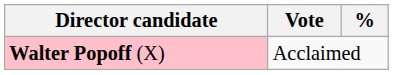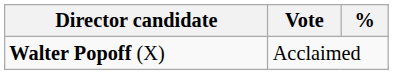 <table class="wikitable">
 <tr>
 <th width="200px">Director candidate</th>
 <th width="50px">Vote</th>
 <th width="30px">%</th>
 </tr>
 <tr>
-<td style="background: pink;"><strong>Walter Popoff</strong> (X) </td>
+<td><strong>Walter Popoff</strong> (X) </td>
 <td colspan="2">Acclaimed</td>
 </tr>
 </table>
